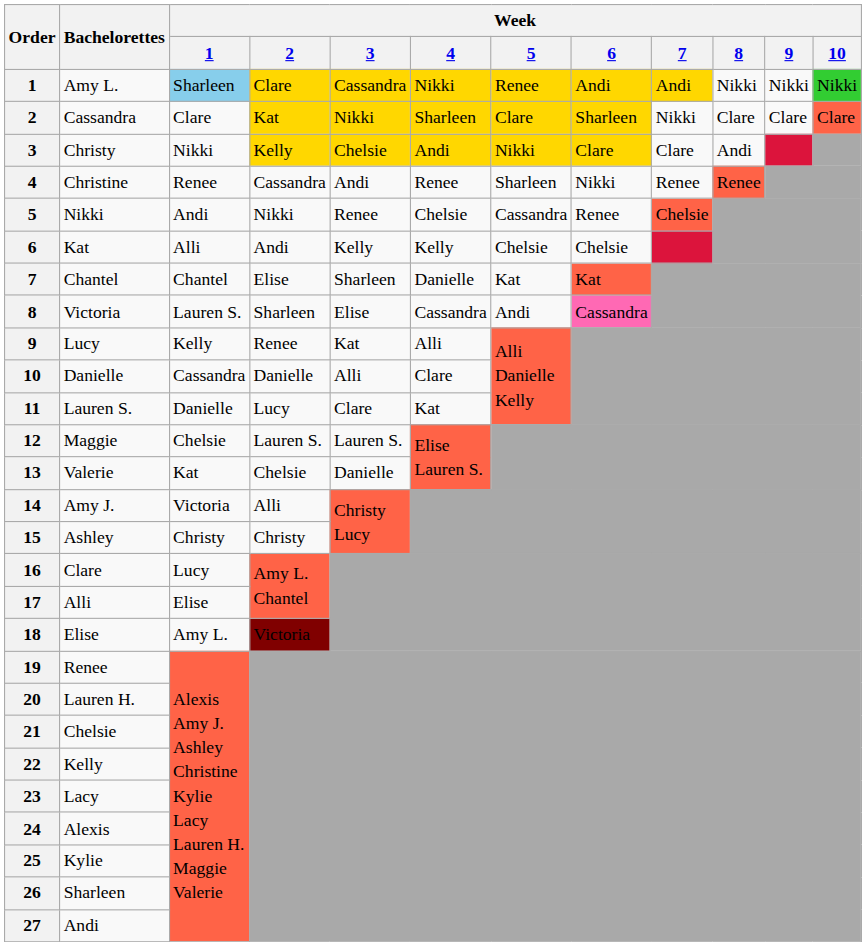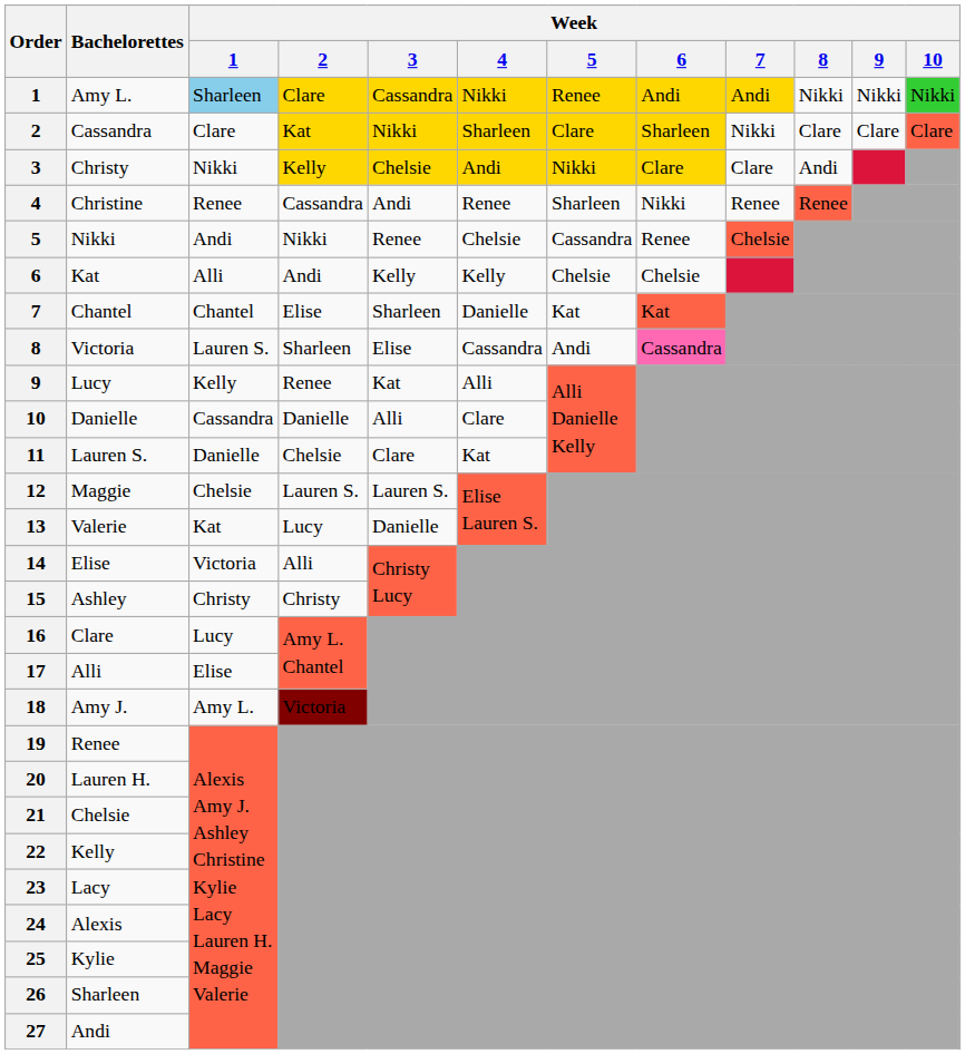 <table class="wikitable" style="line-height:22px" style="text-align:center">
 <tr>
 <th rowspan=2>Order</th>
 <th rowspan=2>Bachelorettes</th>
 <th colspan=10>Week</th>
 </tr>
 <tr>
 <th><a href='#'>1</a></th>
 <th><a href='#'>2</a></th>
 <th><a href='#'>3</a></th>
 <th><a href='#'>4</a></th>
 <th><a href='#'>5</a></th>
 <th><a href='#'>6</a></th>
 <th><a href='#'>7</a></th>
 <th><a href='#'>8</a></th>
 <th><a href='#'>9</a></th>
 <th><a href='#'>10</a></th>
 </tr>
 <tr>
 <th>1</th>
 <td>Amy L.</td>
 <td bgcolor="skyblue">Sharleen</td>
 <td bgcolor="gold">Clare</td>
 <td bgcolor="gold">Cassandra</td>
 <td bgcolor="gold">Nikki</td>
 <td bgcolor="gold">Renee</td>
 <td bgcolor="gold">Andi</td>
 <td bgcolor="gold">Andi</td>
 <td>Nikki</td>
 <td>Nikki</td>
 <td bgcolor="limegreen">Nikki</td>
 </tr>
 <tr>
 <th>2</th>
 <td>Cassandra</td>
 <td>Clare</td>
 <td bgcolor="gold">Kat</td>
 <td bgcolor="gold">Nikki</td>
 <td bgcolor="gold">Sharleen</td>
 <td bgcolor="gold">Clare</td>
 <td bgcolor="gold">Sharleen</td>
 <td>Nikki</td>
 <td>Clare</td>
 <td>Clare</td>
 <td bgcolor="tomato">Clare</td>
 </tr>
 <tr>
 <th>3</th>
 <td>Christy</td>
 <td>Nikki</td>
 <td bgcolor="gold">Kelly</td>
 <td bgcolor="gold">Chelsie</td>
 <td bgcolor="gold">Andi</td>
 <td bgcolor="gold">Nikki</td>
 <td bgcolor="gold">Clare</td>
 <td>Clare</td>
 <td>Andi</td>
 <td bgcolor="crimson"></td>
 <td bgcolor="A9A9A9" colspan="1"></td>
 </tr>
 <tr>
 <th>4</th>
 <td>Christine</td>
 <td>Renee</td>
 <td>Cassandra</td>
 <td>Andi</td>
 <td>Renee</td>
 <td>Sharleen</td>
 <td>Nikki</td>
 <td>Renee</td>
 <td bgcolor="tomato">Renee</td>
 <td bgcolor="A9A9A9" colspan="2"></td>
 </tr>
 <tr>
 <th>5</th>
 <td>Nikki</td>
 <td>Andi</td>
 <td>Nikki</td>
 <td>Renee</td>
 <td>Chelsie</td>
 <td>Cassandra</td>
 <td>Renee</td>
 <td bgcolor="tomato">Chelsie</td>
 <td bgcolor="A9A9A9" colspan="3" rowspan="2"></td>
 </tr>
 <tr>
 <th>6</th>
 <td>Kat</td>
 <td>Alli</td>
 <td>Andi</td>
 <td>Kelly</td>
 <td>Kelly</td>
 <td>Chelsie</td>
 <td>Chelsie</td>
 <td bgcolor="crimson"></td>
 </tr>
 <tr>
 <th>7</th>
 <td>Chantel</td>
 <td>Chantel</td>
 <td>Elise</td>
 <td>Sharleen</td>
 <td>Danielle</td>
 <td>Kat</td>
 <td bgcolor="tomato">Kat</td>
 <td bgcolor="A9A9A9" colspan="4" rowspan="2"></td>
 </tr>
 <tr>
 <th>8</th>
 <td>Victoria</td>
 <td>Lauren S.</td>
 <td>Sharleen</td>
 <td>Elise</td>
 <td>Cassandra</td>
 <td>Andi</td>
 <td bgcolor="hotpink">Cassandra</td>
 </tr>
 <tr>
 <th>9</th>
 <td>Lucy</td>
 <td>Kelly</td>
 <td>Renee</td>
 <td>Kat</td>
 <td>Alli</td>
 <td bgcolor="tomato" rowspan="3">Alli<br>Danielle<br>Kelly</td>
 <td bgcolor="A9A9A9" colspan="5" rowspan="3"></td>
 </tr>
 <tr>
 <th>10</th>
 <td>Danielle</td>
 <td>Cassandra</td>
 <td>Danielle</td>
 <td>Alli</td>
 <td>Clare</td>
 </tr>
 <tr>
 <th>11</th>
 <td>Lauren S.</td>
 <td>Danielle</td>
-<td>Lucy</td>
+<td>Chelsie</td>
 <td>Clare</td>
 <td>Kat</td>
 </tr>
 <tr>
 <th>12</th>
 <td>Maggie</td>
 <td>Chelsie</td>
 <td>Lauren S.</td>
 <td>Lauren S.</td>
 <td bgcolor="tomato" rowspan="2">Elise<br>Lauren S.</td>
 <td bgcolor="A9A9A9" colspan="6" rowspan="2"></td>
 </tr>
 <tr>
 <th>13</th>
 <td>Valerie</td>
 <td>Kat</td>
-<td>Chelsie</td>
+<td>Lucy</td>
 <td>Danielle</td>
 </tr>
 <tr>
 <th>14</th>
-<td>Amy J.</td>
+<td>Elise</td>
 <td>Victoria</td>
 <td>Alli</td>
 <td bgcolor="tomato" rowspan="2">Christy<br>Lucy</td>
 <td bgcolor="A9A9A9" colspan="7" rowspan="2"></td>
 </tr>
 <tr>
 <th>15</th>
 <td>Ashley</td>
 <td>Christy</td>
 <td>Christy</td>
 </tr>
 <tr>
 <th>16</th>
 <td>Clare</td>
 <td>Lucy</td>
 <td bgcolor="tomato" rowspan="2">Amy L.<br>Chantel</td>
 <td bgcolor="A9A9A9" colspan="8" rowspan="3"></td>
 </tr>
 <tr>
 <th>17</th>
 <td>Alli</td>
 <td>Elise</td>
 </tr>
 <tr>
 <th>18</th>
-<td>Elise</td>
+<td>Amy J.</td>
 <td>Amy L.</td>
 <td bgcolor="maroon"><span>Victoria</span></td>
 </tr>
 <tr>
 <th>19</th>
 <td>Renee</td>
 <td bgcolor="tomato" rowspan="9">Alexis<br>Amy J.<br>Ashley<br>Christine<br>Kylie<br>Lacy<br>Lauren H.<br>Maggie<br>Valerie</td>
 <td bgcolor="A9A9A9" colspan="9" rowspan="9"></td>
 </tr>
 <tr>
 <th>20</th>
 <td>Lauren H.</td>
 </tr>
 <tr>
 <th>21</th>
 <td>Chelsie</td>
 </tr>
 <tr>
 <th>22</th>
 <td>Kelly</td>
 </tr>
 <tr>
 <th>23</th>
 <td>Lacy</td>
 </tr>
 <tr>
 <th>24</th>
 <td>Alexis</td>
 </tr>
 <tr>
 <th>25</th>
 <td>Kylie</td>
 </tr>
 <tr>
 <th>26</th>
 <td>Sharleen</td>
 </tr>
 <tr>
 <th>27</th>
 <td>Andi</td>
 </tr>
 </table>
